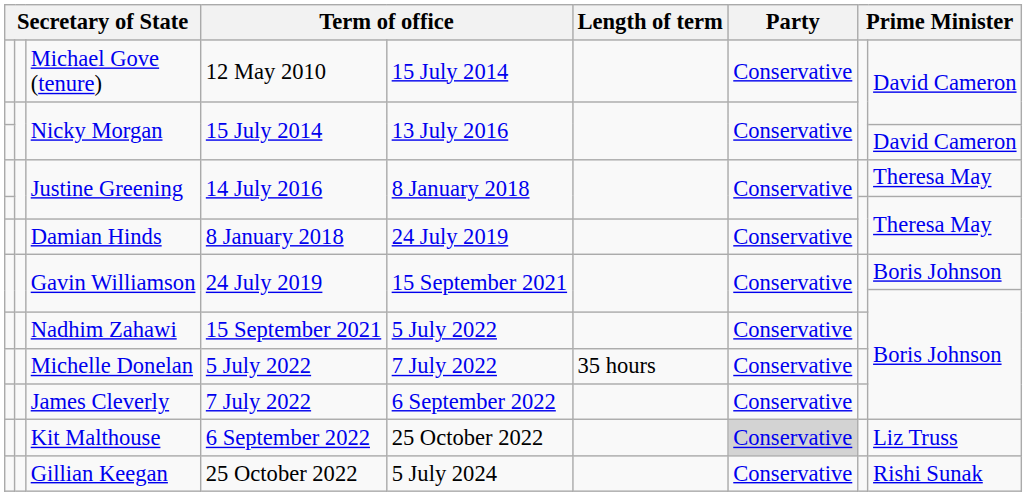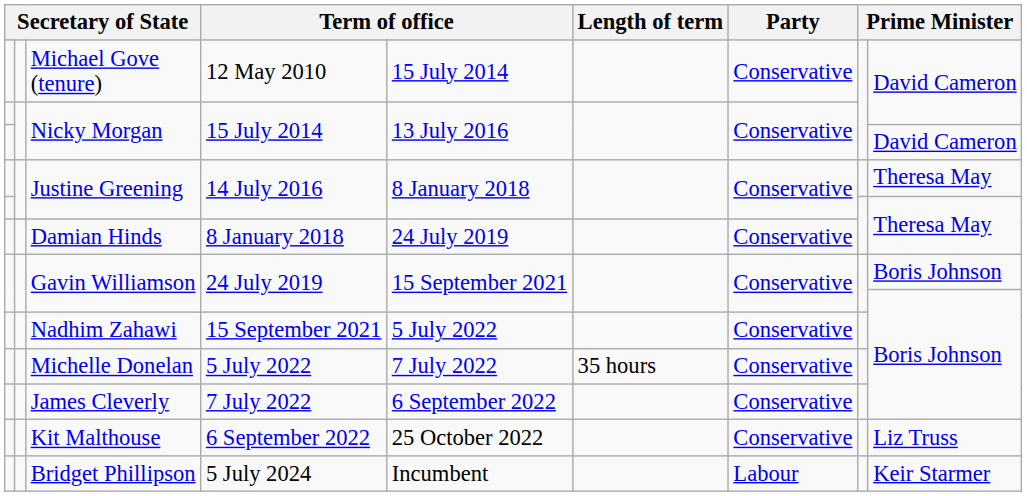 <table class="wikitable">
 <tr>
 <th colspan=3>Secretary of State</th>
 <th colspan=2>Term of office</th>
 <th>Length of term</th>
 <th>Party</th>
 <th colspan=2>Prime Minister</th>
 </tr>
 <tr style="height:1em">
 <td style="background-color:"></td>
 <td></td>
 <td><a href='#'>Michael Gove</a><br>(<a href='#'>tenure</a>)</td>
 <td>12 May 2010</td>
 <td><a href='#'>15 July 2014</a></td>
 <td></td>
 <td><a href='#'>Conservative</a></td>
 <td rowspan=3 style="background-color:"></td>
 <td rowspan=2><a href='#'>David Cameron</a><br></td>
 </tr>
 <tr style="height:1em">
 <td style="background-color:"></td>
 <td rowspan=2></td>
 <td rowspan=2><a href='#'>Nicky Morgan</a></td>
 <td rowspan=2><a href='#'>15 July 2014</a></td>
 <td rowspan=2><a href='#'>13 July 2016</a></td>
 <td rowspan="2"></td>
 <td rowspan="2"><a href='#'>Conservative</a></td>
 </tr>
 <tr style="height:1em">
 <td style="background-color:"></td>
 <td><a href='#'>David Cameron</a><br></td>
 </tr>
 <tr style="height:1em">
 <td style="background-color:"></td>
 <td rowspan=2></td>
 <td rowspan=2><a href='#'>Justine Greening</a></td>
 <td rowspan=2><a href='#'>14 July 2016</a></td>
 <td rowspan=2><a href='#'>8 January 2018</a></td>
 <td rowspan="2"></td>
 <td rowspan="2"><a href='#'>Conservative</a></td>
 <td style="background-color:"></td>
 <td><a href='#'>Theresa May</a><br></td>
 </tr>
 <tr style="height:1em">
 <td style="background-color:"></td>
 <td rowspan=2 style="background-color:"></td>
 <td rowspan=2><a href='#'>Theresa May</a><br></td>
 </tr>
 <tr style="height:1em">
 <td style="background-color:"></td>
 <td></td>
 <td><a href='#'>Damian Hinds</a></td>
 <td><a href='#'>8 January 2018</a></td>
 <td><a href='#'>24 July 2019</a></td>
 <td></td>
 <td><a href='#'>Conservative</a></td>
 </tr>
 <tr style="height:1em">
 <td rowspan=2 style="background-color:"></td>
 <td rowspan=2></td>
 <td rowspan=2><a href='#'>Gavin Williamson</a></td>
 <td rowspan=2><a href='#'>24 July 2019</a></td>
 <td rowspan=2><a href='#'>15 September 2021</a></td>
 <td rowspan="2"></td>
 <td rowspan="2"><a href='#'>Conservative</a></td>
 <td rowspan=2 style="background-color:"></td>
 <td><a href='#'>Boris Johnson</a><br></td>
 </tr>
 <tr style="height:1em">
 <td rowspan=4><a href='#'>Boris Johnson</a><br></td>
 </tr>
 <tr style="height:1em">
 <td style="background-color:"></td>
 <td></td>
 <td><a href='#'>Nadhim Zahawi</a></td>
 <td><a href='#'>15 September 2021</a></td>
 <td><a href='#'>5 July 2022</a></td>
 <td></td>
 <td><a href='#'>Conservative</a></td>
 <td style="background-color:"></td>
 </tr>
 <tr style="height:1em">
 <td style="background-color:"></td>
 <td></td>
 <td><a href='#'>Michelle Donelan</a></td>
 <td><a href='#'>5 July 2022</a></td>
 <td><a href='#'>7 July 2022</a></td>
 <td>35 hours</td>
 <td><a href='#'>Conservative</a></td>
 <td style="background-color:"></td>
 </tr>
 <tr style="height:1em">
 <td style="background-color:"></td>
 <td></td>
 <td><a href='#'>James Cleverly</a></td>
 <td><a href='#'>7 July 2022</a></td>
 <td><a href='#'>6 September 2022</a></td>
 <td></td>
 <td><a href='#'>Conservative</a></td>
 <td style="background-color:"></td>
 </tr>
 <tr style="height:1em">
 <td style="background-color:"></td>
 <td></td>
 <td><a href='#'>Kit Malthouse</a></td>
 <td><a href='#'>6 September 2022</a></td>
 <td>25 October 2022</td>
 <td></td>
-<td style="background: lightgrey;"><a href='#'>Conservative</a></td>
+<td><a href='#'>Conservative</a></td>
 <td style="background-color:"></td>
 <td><a href='#'>Liz Truss</a> <br></td>
 </tr>
 <tr style="height:1em">
 <td style="background-color:"></td>
 <td></td>
-<td><a href='#'>Gillian Keegan</a></td>
-<td>25 October 2022</td>
+<td><a href='#'>Bridget Phillipson</a></td>
 <td>5 July 2024</td>
+<td>Incumbent</td>
 <td></td>
-<td><a href='#'>Conservative</a></td>
+<td><a href='#'>Labour</a></td>
 <td style="background-color:"></td>
-<td><a href='#'>Rishi Sunak</a> <br></td>
+<td><a href='#'>Keir Starmer</a> <br> </td>
 </tr>
 </table>
